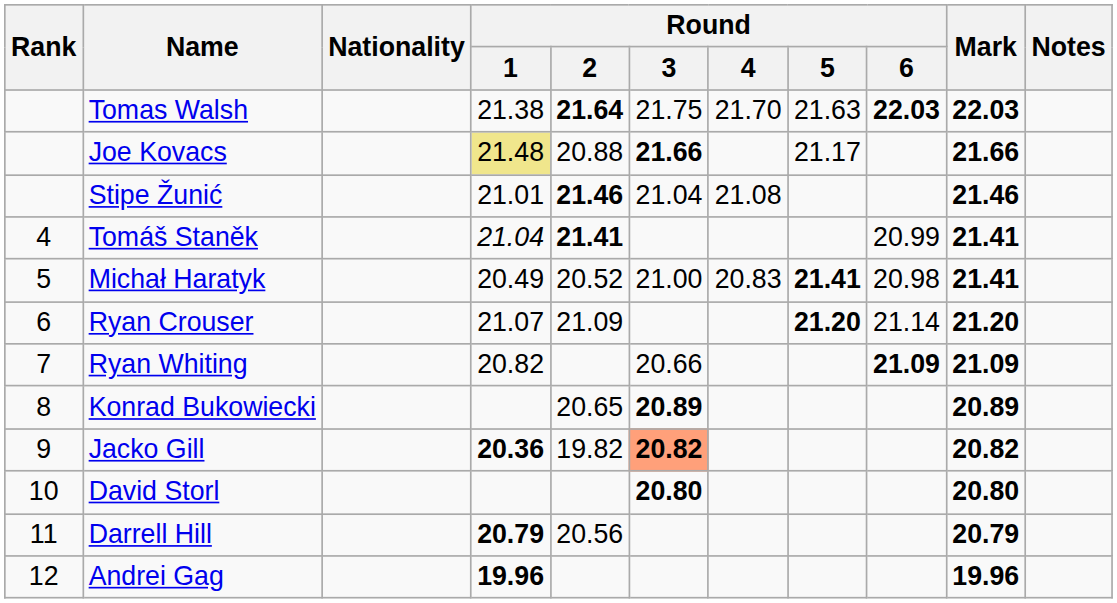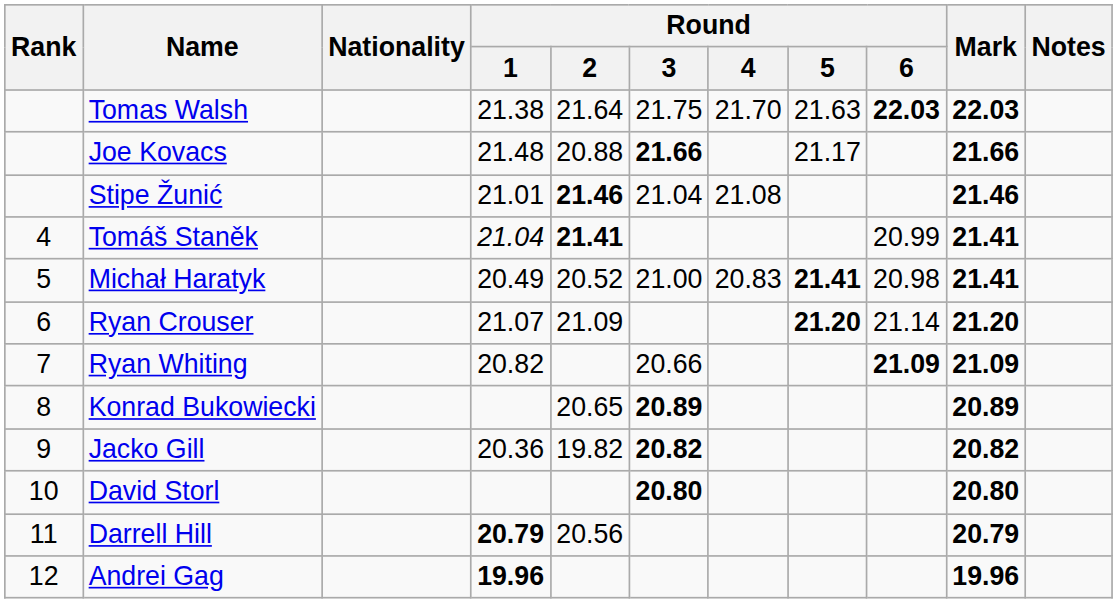 <table class="wikitable sortable" style="text-align:center">
 <tr>
 <th rowspan=2 data-sort-type="number">Rank</th>
 <th rowspan=2>Name</th>
 <th rowspan=2>Nationality</th>
 <th colspan=6>Round</th>
 <th rowspan=2>Mark</th>
 <th rowspan=2>Notes</th>
 </tr>
 <tr>
 <th>1</th>
 <th>2</th>
 <th>3</th>
 <th>4</th>
 <th>5</th>
 <th>6</th>
 </tr>
 <tr>
 <td></td>
 <td align=left><a href='#'>Tomas Walsh</a></td>
 <td align=left></td>
 <td>21.38</td>
-<td><strong>21.64</strong></td>
+<td>21.64</td>
 <td>21.75</td>
 <td>21.70</td>
 <td>21.63</td>
 <td><strong>22.03</strong></td>
 <td><strong>22.03</strong></td>
 <td></td>
 </tr>
 <tr>
 <td></td>
 <td align=left><a href='#'>Joe Kovacs</a></td>
 <td align=left></td>
-<td style="background: khaki;">21.48</td>
+<td>21.48</td>
 <td>20.88</td>
 <td><strong>21.66</strong></td>
 <td></td>
 <td>21.17</td>
 <td></td>
 <td><strong>21.66</strong></td>
 <td></td>
 </tr>
 <tr>
 <td></td>
 <td align=left><a href='#'>Stipe Žunić</a></td>
 <td align=left></td>
 <td>21.01</td>
 <td><strong>21.46</strong></td>
 <td>21.04</td>
 <td>21.08</td>
 <td></td>
 <td></td>
 <td><strong>21.46</strong></td>
 <td></td>
 </tr>
 <tr>
 <td>4</td>
 <td align=left><a href='#'>Tomáš Staněk</a></td>
 <td align=left></td>
 <td><em>21.04</em></td>
 <td><strong>21.41</strong></td>
 <td></td>
 <td></td>
 <td></td>
 <td>20.99</td>
 <td><strong>21.41</strong></td>
 <td></td>
 </tr>
 <tr>
 <td>5</td>
 <td align=left><a href='#'>Michał Haratyk</a></td>
 <td align=left></td>
 <td>20.49</td>
 <td>20.52</td>
 <td>21.00</td>
 <td>20.83</td>
 <td><strong>21.41</strong></td>
 <td>20.98</td>
 <td><strong>21.41</strong></td>
 <td></td>
 </tr>
 <tr>
 <td>6</td>
 <td align=left><a href='#'>Ryan Crouser</a></td>
 <td align=left></td>
 <td>21.07</td>
 <td>21.09</td>
 <td></td>
 <td></td>
 <td><strong>21.20</strong></td>
 <td>21.14</td>
 <td><strong>21.20</strong></td>
 <td></td>
 </tr>
 <tr>
 <td>7</td>
 <td align=left><a href='#'>Ryan Whiting</a></td>
 <td align=left></td>
 <td>20.82</td>
 <td></td>
 <td>20.66</td>
 <td></td>
 <td></td>
 <td><strong>21.09</strong></td>
 <td><strong>21.09</strong></td>
 <td></td>
 </tr>
 <tr>
 <td>8</td>
 <td align=left><a href='#'>Konrad Bukowiecki</a></td>
 <td align=left></td>
 <td></td>
 <td>20.65</td>
 <td><strong>20.89</strong></td>
 <td></td>
 <td></td>
 <td></td>
 <td><strong>20.89</strong></td>
 <td></td>
 </tr>
 <tr>
 <td>9</td>
 <td align=left><a href='#'>Jacko Gill</a></td>
 <td align=left></td>
-<td><strong>20.36</strong></td>
+<td>20.36</td>
 <td>19.82</td>
-<td style="background: lightsalmon;"><strong>20.82</strong></td>
+<td><strong>20.82</strong></td>
 <td></td>
 <td></td>
 <td></td>
 <td><strong>20.82</strong></td>
 <td></td>
 </tr>
 <tr>
 <td>10</td>
 <td align=left><a href='#'>David Storl</a></td>
 <td align=left></td>
 <td></td>
 <td></td>
 <td><strong>20.80</strong></td>
 <td></td>
 <td></td>
 <td></td>
 <td><strong>20.80</strong></td>
 <td></td>
 </tr>
 <tr>
 <td>11</td>
 <td align=left><a href='#'>Darrell Hill</a></td>
 <td align=left></td>
 <td><strong>20.79</strong></td>
 <td>20.56</td>
 <td></td>
 <td></td>
 <td></td>
 <td></td>
 <td><strong>20.79</strong></td>
 <td></td>
 </tr>
 <tr>
 <td>12</td>
 <td align=left><a href='#'>Andrei Gag</a></td>
 <td align=left></td>
 <td><strong>19.96</strong></td>
 <td></td>
 <td></td>
 <td></td>
 <td></td>
 <td></td>
 <td><strong>19.96</strong></td>
 <td></td>
 </tr>
 </table>
